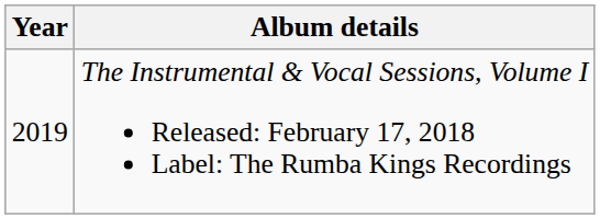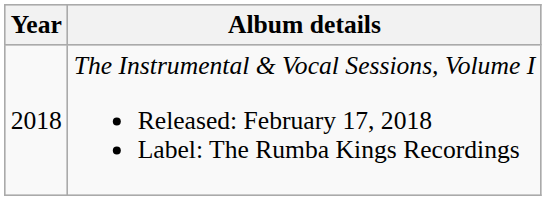 <table class="wikitable">
 <tr>
 <th>Year</th>
 <th>Album details</th>
 </tr>
 <tr>
-<td>2019</td>
+<td>2018</td>
 <td><em>The Instrumental & Vocal Sessions, Volume I</em><br><ul><li>Released: February 17, 2018</li><li>Label: The Rumba Kings Recordings</li></ul></td>
 </tr>
 </table>
